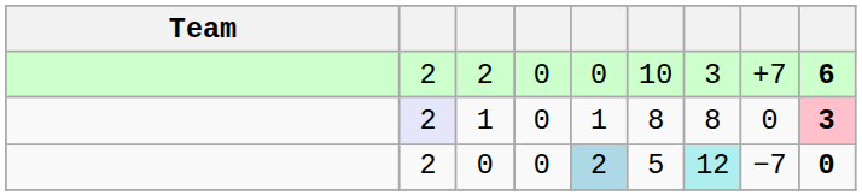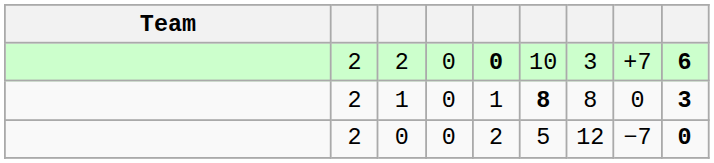 <table class="wikitable" style="text-align: center;">
 <tr>
 <th width="175">Team</th>
 <th width="20"></th>
 <th width="20"></th>
 <th width="20"></th>
 <th width="20"></th>
 <th width="20"></th>
 <th width="20"></th>
 <th width="20"></th>
 <th width="20"></th>
 </tr>
 <tr style="background-color: #ccffcc;">
 <td align=left></td>
 <td>2</td>
 <td>2</td>
 <td>0</td>
-<td>0</td>
+<td><strong>0</strong></td>
 <td>10</td>
 <td>3</td>
 <td>+7</td>
 <td><strong>6</strong></td>
 </tr>
 <tr>
 <td align=left></td>
-<td style="background: lavender;">2</td>
+<td>2</td>
 <td>1</td>
 <td>0</td>
 <td>1</td>
-<td>8</td>
+<td><strong>8</strong></td>
 <td>8</td>
 <td>0</td>
-<td style="background: pink;"><strong>3</strong></td>
+<td><strong>3</strong></td>
 </tr>
 <tr>
 <td align=left></td>
 <td>2</td>
 <td>0</td>
 <td>0</td>
-<td style="background: lightblue;">2</td>
+<td>2</td>
 <td>5</td>
-<td style="background: paleturquoise;">12</td>
+<td>12</td>
 <td>−7</td>
 <td><strong>0</strong></td>
 </tr>
 </table>
